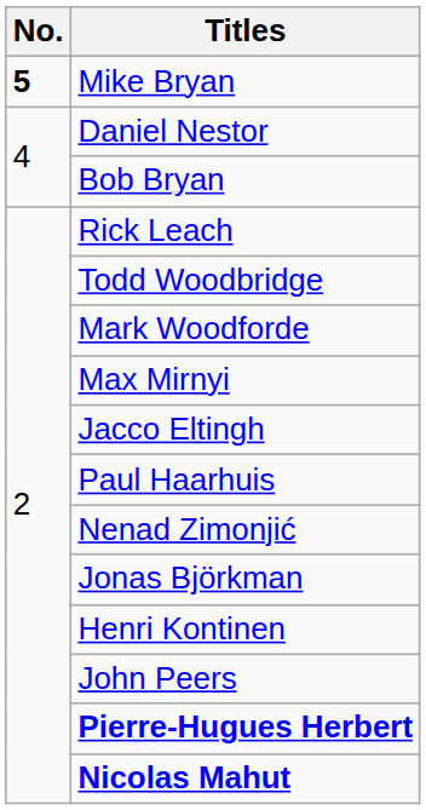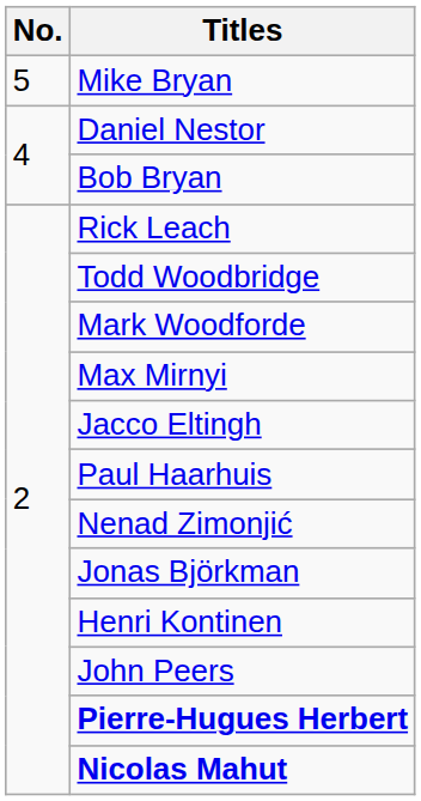 <table class="wikitable" style="display: inline-table;">
 <tr>
 <th width=20>No.</th>
 <th>Titles</th>
 </tr>
 <tr>
-<td><strong>5</strong></td>
+<td>5</td>
 <td> <a href='#'>Mike Bryan</a></td>
 </tr>
 <tr>
 <td rowspan=2>4</td>
 <td> <a href='#'>Daniel Nestor</a></td>
 </tr>
 <tr>
 <td> <a href='#'>Bob Bryan</a></td>
 </tr>
 <tr>
 <td rowspan=12>2</td>
 <td> <a href='#'>Rick Leach</a></td>
 </tr>
 <tr>
 <td> <a href='#'>Todd Woodbridge</a></td>
 </tr>
 <tr>
 <td> <a href='#'>Mark Woodforde</a></td>
 </tr>
 <tr>
 <td> <a href='#'>Max Mirnyi</a></td>
 </tr>
 <tr>
 <td> <a href='#'>Jacco Eltingh</a></td>
 </tr>
 <tr>
 <td> <a href='#'>Paul Haarhuis</a></td>
 </tr>
 <tr>
 <td> <a href='#'>Nenad Zimonjić</a></td>
 </tr>
 <tr>
 <td> <a href='#'>Jonas Björkman</a></td>
 </tr>
 <tr>
 <td> <a href='#'>Henri Kontinen</a></td>
 </tr>
 <tr>
 <td> <a href='#'>John Peers</a></td>
 </tr>
 <tr>
 <td><strong> <a href='#'>Pierre-Hugues Herbert</a></strong></td>
 </tr>
 <tr>
 <td><strong> <a href='#'>Nicolas Mahut</a></strong></td>
 </tr>
 </table>
